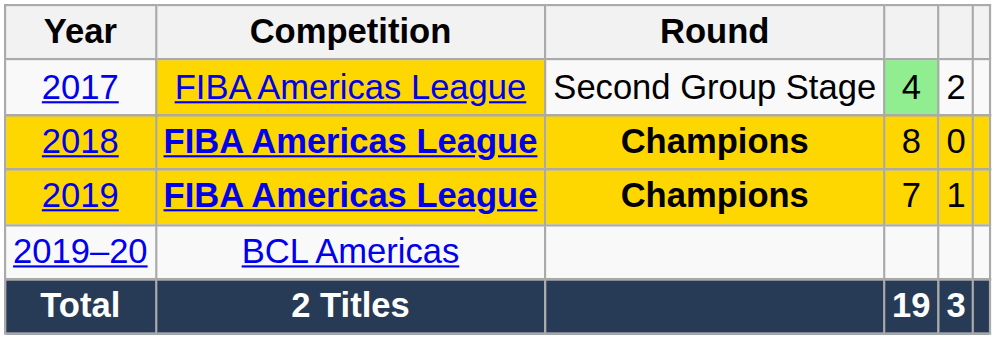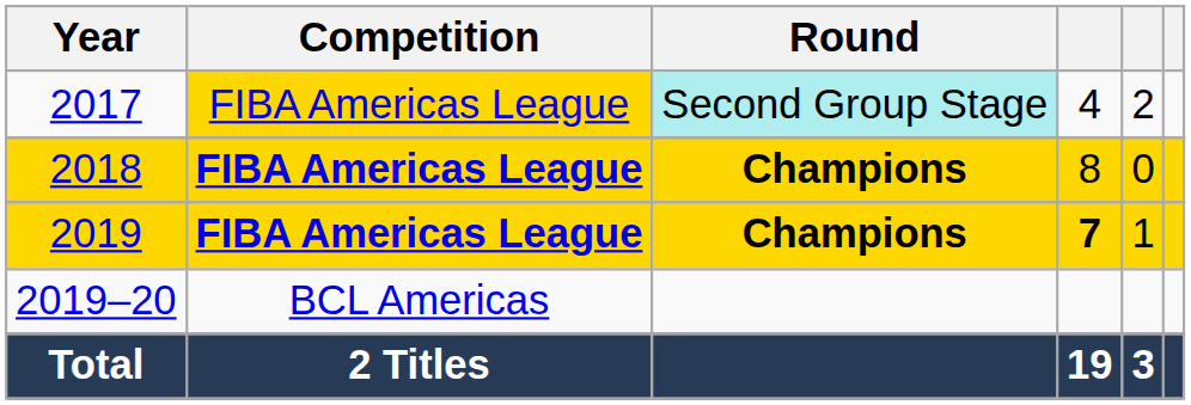 <table class="wikitable" style="text-align:center;">
 <tr>
 <th>Year</th>
 <th>Competition</th>
 <th>Round</th>
 <th></th>
 <th></th>
 <th></th>
 </tr>
 <tr>
 <td><a href='#'>2017</a></td>
 <td style="background: gold;"><a href='#'>FIBA Americas League</a></td>
-<td>Second Group Stage</td>
-<td style="background: lightgreen;">4</td>
+<td style="background: paleturquoise;">Second Group Stage</td>
+<td>4</td>
 <td>2</td>
 <td></td>
 </tr>
 <tr>
 </tr>
 <tr bgcolor=gold>
 <td><a href='#'>2018</a></td>
 <td><strong><a href='#'>FIBA Americas League</a></strong></td>
 <td><strong>Champions</strong></td>
 <td>8</td>
 <td>0</td>
 <td></td>
 </tr>
 <tr>
 </tr>
 <tr bgcolor=gold>
 <td><a href='#'>2019</a></td>
 <td><strong><a href='#'>FIBA Americas League</a></strong></td>
 <td><strong>Champions</strong></td>
-<td>7</td>
+<td><strong>7</strong></td>
 <td>1</td>
 <td></td>
 </tr>
 <tr>
 <td><a href='#'>2019–20</a></td>
 <td><a href='#'>BCL Americas</a></td>
 <td></td>
 <td></td>
 <td></td>
 <td></td>
 </tr>
 <tr>
 </tr>
 <tr style="color:white;">
 <th style="background:#273B56;">Total</th>
 <th style="background:#273B56;">2 Titles</th>
 <th style="background:#273B56;"></th>
 <th style="background:#273B56;">19</th>
 <th style="background:#273B56;">3</th>
 <th style="background:#273B56;"></th>
 </tr>
 </table>
